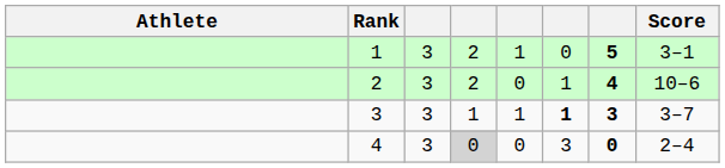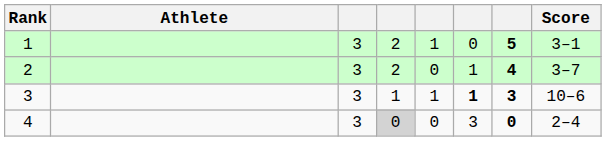 <table class="wikitable" style="text-align: center;">
 <tr>
+<th width=25>Rank</th>
 <th width=225>Athlete</th>
-<th width=25>Rank</th>
 <th width=25></th>
 <th width=25></th>
 <th width=25></th>
 <th width=25></th>
 <th width=25></th>
 <th width=50>Score</th>
 </tr>
 <tr bgcolor=ccffcc>
+<td>1</td>
 <td align=left></td>
-<td>1</td>
 <td>3</td>
 <td>2</td>
 <td>1</td>
 <td>0</td>
 <td><strong>5</strong></td>
 <td>3–1</td>
 </tr>
 <tr bgcolor=ccffcc>
+<td>2</td>
 <td align=left></td>
-<td>2</td>
 <td>3</td>
 <td>2</td>
 <td>0</td>
 <td>1</td>
 <td><strong>4</strong></td>
-<td>10–6</td>
+<td>3–7</td>
 </tr>
 <tr>
+<td>3</td>
 <td align=left></td>
-<td>3</td>
 <td>3</td>
 <td>1</td>
 <td>1</td>
 <td><strong>1</strong></td>
 <td><strong>3</strong></td>
-<td>3–7</td>
+<td>10–6</td>
 </tr>
 <tr>
+<td>4</td>
 <td align=left></td>
-<td>4</td>
 <td>3</td>
 <td style="background: lightgrey;">0</td>
 <td>0</td>
 <td>3</td>
 <td><strong>0</strong></td>
 <td>2–4</td>
 </tr>
 </table>
